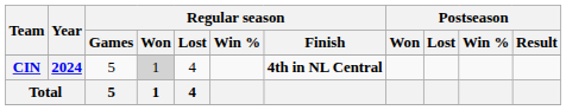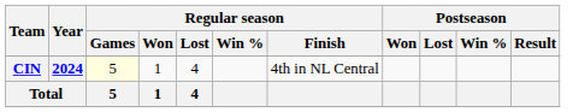 <table class="wikitable" style="font-size: 95%; text-align:center;">
 <tr>
 <th rowspan="2">Team</th>
 <th rowspan="2">Year</th>
 <th colspan="5">Regular season</th>
 <th colspan="4">Postseason</th>
 </tr>
 <tr>
 <th>Games</th>
 <th>Won</th>
 <th>Lost</th>
 <th>Win %</th>
 <th>Finish</th>
 <th>Won</th>
 <th>Lost</th>
 <th>Win %</th>
 <th>Result</th>
 </tr>
 <tr>
 </tr>
 <tr>
 <th><a href='#'>CIN</a></th>
 <th><a href='#'>2024</a></th>
-<td>5</td>
-<td style="background: lightgrey;">1</td>
+<td style="background: lightyellow;">5</td>
+<td>1</td>
 <td>4</td>
 <td></td>
-<td><strong>4th in NL Central</strong></td>
+<td>4th in NL Central</td>
 <td> </td>
 <td> </td>
 <td> </td>
 <td> </td>
 </tr>
 <tr>
 <th colspan="2">Total</th>
 <th>5</th>
 <th>1</th>
 <th>4</th>
 <th></th>
 <th></th>
 <th></th>
 <th></th>
 <th></th>
 <th></th>
 </tr>
 <tr>
 </tr>
 </table>
